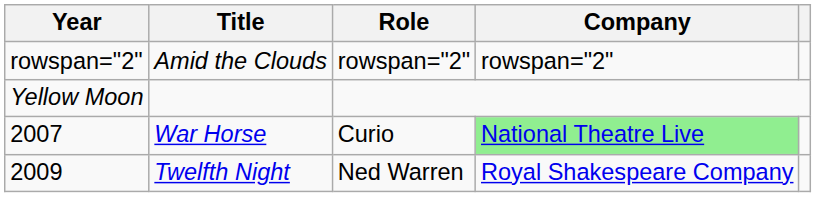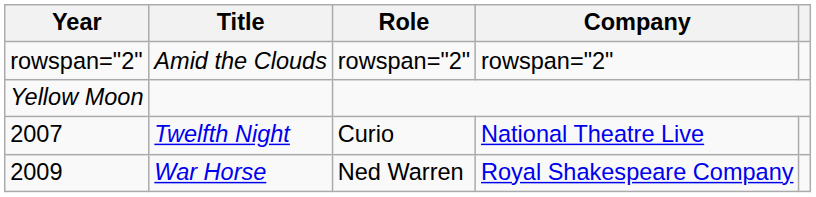 <table class="wikitable">
 <tr>
 <th>Year</th>
 <th>Title</th>
 <th>Role</th>
 <th>Company</th>
 <th></th>
 </tr>
 <tr>
 <td>rowspan="2" </td>
 <td><em>Amid the Clouds</em></td>
 <td>rowspan="2" </td>
 <td>rowspan="2" </td>
 <td align="center"></td>
 </tr>
 <tr>
 <td><em>Yellow Moon</em></td>
 <td align="center"></td>
 </tr>
 <tr>
 <td>2007</td>
-<td><em><a href='#'>War Horse</a></em></td>
+<td><em><a href='#'>Twelfth Night</a></em></td>
 <td>Curio</td>
-<td style="background: lightgreen;"><a href='#'>National Theatre Live</a></td>
+<td><a href='#'>National Theatre Live</a></td>
 <td align="center"></td>
 </tr>
 <tr>
 <td>2009</td>
-<td><em><a href='#'>Twelfth Night</a></em></td>
+<td><em><a href='#'>War Horse</a></em></td>
 <td>Ned Warren</td>
 <td><a href='#'>Royal Shakespeare Company</a></td>
 <td align="center"></td>
 </tr>
 </table>
